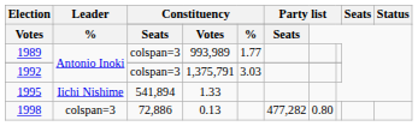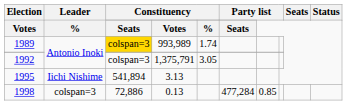 <table class="wikitable" style="text-align:center">
 <tr>
 <th rowspan="2">Election</th>
 <th rowspan="2">Leader</th>
 <th colspan="3">Constituency</th>
 <th colspan="3">Party list</th>
 <th rowspan="2">Seats</th>
 <th rowspan="2">Status</th>
 </tr>
 <tr>
 </tr>
 <tr>
 <th>Votes</th>
 <th>%</th>
 <th>Seats</th>
 <th>Votes</th>
 <th>%</th>
 <th>Seats</th>
 </tr>
 <tr>
 <td><a href='#'>1989</a></td>
 <td rowspan="3"><a href='#'>Antonio Inoki</a></td>
-<td>colspan=3 </td>
+<td style="background: gold;">colspan=3 </td>
 <td>993,989</td>
-<td>1.77</td>
+<td>1.74</td>
 <td></td>
 <td></td>
 <td></td>
 </tr>
 <tr>
 </tr>
 <tr>
 <td><a href='#'>1992</a></td>
 <td>colspan=3 </td>
 <td>1,375,791</td>
-<td>3.03</td>
+<td>3.05</td>
 <td></td>
 <td></td>
 <td></td>
 </tr>
 <tr>
 <td><a href='#'>1995</a></td>
 <td><a href='#'>Iichi Nishime</a></td>
 <td>541,894</td>
-<td>1.33</td>
+<td>3.13</td>
 <td></td>
 <td></td>
 <td></td>
 </tr>
 <tr>
 <td><a href='#'>1998</a></td>
 <td>colspan=3 </td>
 <td>72,886</td>
 <td>0.13</td>
 <td></td>
-<td>477,282</td>
-<td>0.80</td>
+<td>477,284</td>
+<td>0.85</td>
 <td></td>
 <td></td>
 <td></td>
 </tr>
 </table>
